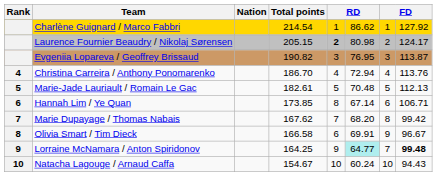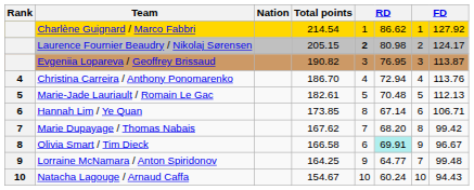 <table class="wikitable sortable" style="text-align:left">
 <tr>
 <th scope="col">Rank</th>
 <th scope="col">Team</th>
 <th scope="col">Nation</th>
 <th scope="col">Total points</th>
 <th scope="col" colspan="2" width="80px"><a href='#'>RD</a></th>
 <th scope="col" colspan="2" width="80px"><a href='#'>FD</a></th>
 </tr>
 <tr bgcolor="gold">
 <th scope="row"></th>
 <td><a href='#'>Charlène Guignard</a> / <a href='#'>Marco Fabbri</a></td>
 <td></td>
 <td align="center">214.54</td>
 <td align="center">1</td>
 <td align="center">86.62</td>
 <td align="center">1</td>
 <td align="center">127.92</td>
 </tr>
 <tr bgcolor="silver">
 <th scope="row"></th>
 <td><a href='#'>Laurence Fournier Beaudry</a> / <a href='#'>Nikolaj Sørensen</a></td>
 <td></td>
 <td align="center">205.15</td>
 <td align="center"><strong>2</strong></td>
 <td align="center">80.98</td>
 <td align="center">2</td>
 <td align="center">124.17</td>
 </tr>
 <tr bgcolor="cc9966">
 <th scope="row"></th>
 <td><a href='#'>Evgeniia Lopareva</a> / <a href='#'>Geoffrey Brissaud</a></td>
 <td></td>
 <td align="center">190.82</td>
 <td align="center">3</td>
 <td align="center">76.95</td>
 <td align="center">3</td>
 <td align="center">113.87</td>
 </tr>
 <tr>
 <th scope="row">4</th>
 <td><a href='#'>Christina Carreira</a> / <a href='#'>Anthony Ponomarenko</a></td>
 <td></td>
 <td align="center">186.70</td>
 <td align="center">4</td>
 <td align="center">72.94</td>
 <td align="center">4</td>
 <td align="center">113.76</td>
 </tr>
 <tr>
 <th scope="row">5</th>
 <td><a href='#'>Marie-Jade Lauriault</a> / <a href='#'>Romain Le Gac</a></td>
 <td></td>
 <td align="center">182.61</td>
 <td align="center">5</td>
 <td align="center">70.48</td>
 <td align="center">5</td>
 <td align="center">112.13</td>
 </tr>
 <tr>
 <th scope="row">6</th>
 <td><a href='#'>Hannah Lim</a> / <a href='#'>Ye Quan</a></td>
 <td></td>
 <td align="center">173.85</td>
 <td align="center">8</td>
 <td align="center">67.14</td>
 <td align="center">6</td>
 <td align="center">106.71</td>
 </tr>
 <tr>
 <th scope="row">7</th>
 <td><a href='#'>Marie Dupayage</a> / <a href='#'>Thomas Nabais</a></td>
 <td></td>
 <td align="center">167.62</td>
 <td align="center">7</td>
 <td align="center">68.20</td>
 <td align="center">8</td>
 <td align="center">99.42</td>
 </tr>
 <tr>
 <th scope="row">8</th>
 <td><a href='#'>Olivia Smart</a> / <a href='#'>Tim Dieck</a></td>
 <td></td>
 <td align="center">166.58</td>
 <td align="center">6</td>
-<td align="center">69.91</td>
+<td align="center" style="background: paleturquoise;">69.91</td>
 <td align="center">9</td>
 <td align="center">96.67</td>
 </tr>
 <tr>
 <th scope="row">9</th>
 <td><a href='#'>Lorraine McNamara</a> / <a href='#'>Anton Spiridonov</a></td>
 <td></td>
 <td align="center">164.25</td>
 <td align="center">9</td>
-<td align="center" style="background: paleturquoise;">64.77</td>
+<td align="center">64.77</td>
 <td align="center">7</td>
-<td align="center"><strong>99.48</strong></td>
+<td align="center">99.48</td>
 </tr>
 <tr>
 <th scope="row">10</th>
 <td><a href='#'>Natacha Lagouge</a> / <a href='#'>Arnaud Caffa</a></td>
 <td></td>
 <td align="center">154.67</td>
 <td align="center">10</td>
 <td align="center">60.24</td>
 <td align="center">10</td>
 <td align="center">94.43</td>
 </tr>
 </table>
